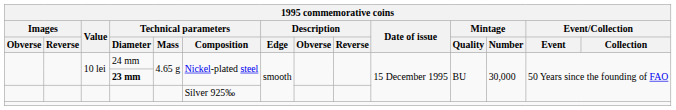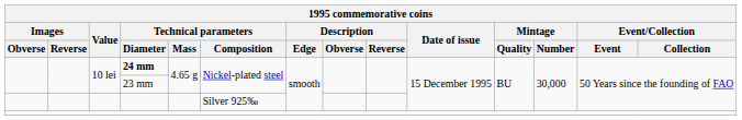 <table class="wikitable" style="font-size: 90%">
 <tr>
 <th colspan="14">1995 commemorative coins</th>
 </tr>
 <tr>
 <th colspan=2>Images</th>
 <th rowspan=2>Value</th>
 <th colspan=3>Technical parameters</th>
 <th colspan=3>Description</th>
 <th rowspan=2>Date of issue</th>
 <th colspan=2>Mintage</th>
 <th colspan=2>Event/Collection</th>
 </tr>
 <tr>
 <th>Obverse</th>
 <th>Reverse</th>
 <th>Diameter</th>
 <th>Mass</th>
 <th>Composition</th>
 <th>Edge</th>
 <th>Obverse</th>
 <th>Reverse</th>
 <th>Quality</th>
 <th>Number</th>
 <th>Event</th>
 <th>Collection</th>
 </tr>
 <tr>
 <td rowspan=2></td>
 <td rowspan=2></td>
 <td rowspan=2>10 lei</td>
-<td>24 mm</td>
+<td><strong>24 mm</strong></td>
 <td rowspan=2>4.65 g</td>
 <td rowspan=2><a href='#'>Nickel</a>-plated <a href='#'>steel</a></td>
 <td rowspan="3">smooth</td>
 <td rowspan=2></td>
 <td rowspan=2></td>
 <td rowspan=3>15 December 1995</td>
 <td rowspan=3>BU</td>
 <td rowspan="3">30,000</td>
 <td rowspan=3 colspan=2>50 Years since the founding of <a href='#'>FAO</a></td>
 </tr>
 <tr>
-<td><strong>23 mm</strong></td>
+<td>23 mm</td>
 </tr>
 <tr>
 <td></td>
 <td></td>
 <td></td>
 <td></td>
 <td></td>
 <td>Silver 925‰</td>
 <td></td>
 <td></td>
 </tr>
 <tr>
 <td colspan="14"></td>
 </tr>
 </table>
